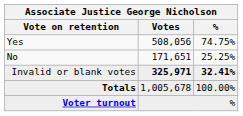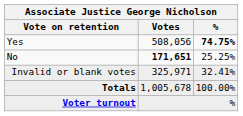 <table class="wikitable" style="font-size: 95%;">
 <tr style="background-color:#E9E9E9">
 <th colspan=7>Associate Justice George Nicholson</th>
 </tr>
 <tr style="background-color:#E9E9E9">
 <th style="width: 170px">Vote on retention</th>
 <th style="width: 50px">Votes</th>
 <th style="width: 40px">%</th>
 </tr>
 <tr>
 <td>Yes</td>
 <td align="right">508,056</td>
-<td align="right">74.75%</td>
+<td align="right"><strong>74.75%</strong></td>
 </tr>
 <tr>
 <td>No</td>
-<td align="right">171,651</td>
+<td align="right"><strong>171,651</strong></td>
 <td align="right">25.25%</td>
 </tr>
 <tr style="background-color:#EEEEEE">
 <td align="right">Invalid or blank votes</td>
-<td align="right"><strong>325,971</strong></td>
-<td align="right"><strong>32.41%</strong></td>
+<td align="right">325,971</td>
+<td align="right">32.41%</td>
 </tr>
 <tr style="background-color:#EEEEEE">
 <td colspan="1" align="right"><strong>Totals</strong></td>
 <td align="right">1,005,678</td>
 <td align="right">100.00%</td>
 </tr>
 <tr style="background-color:#EEEEEE">
 <td align="right"><strong><a href='#'>Voter turnout</a></strong></td>
 <td colspan="2" align="right">%</td>
 </tr>
 </table>
